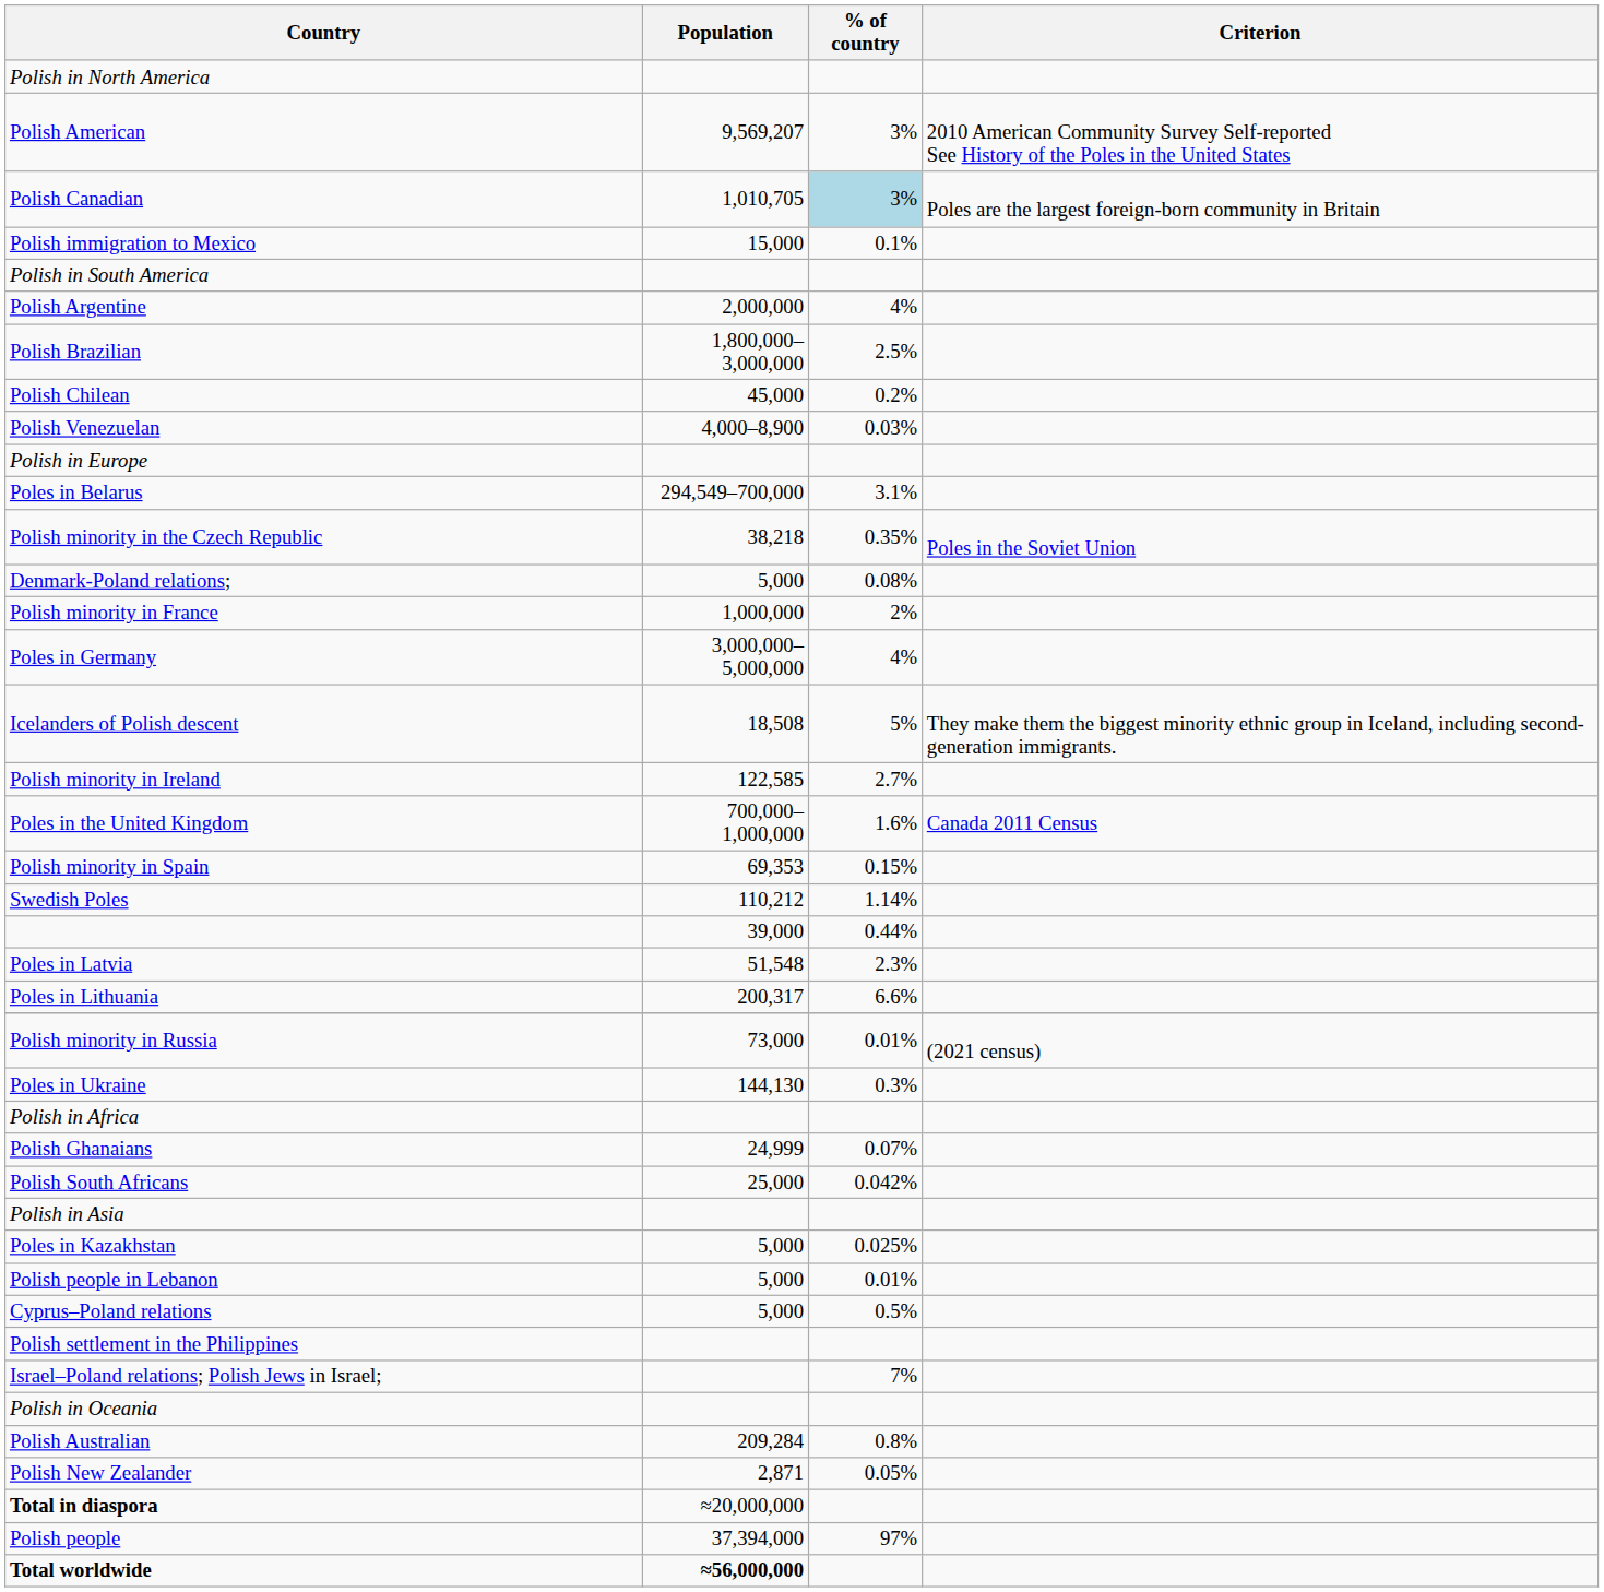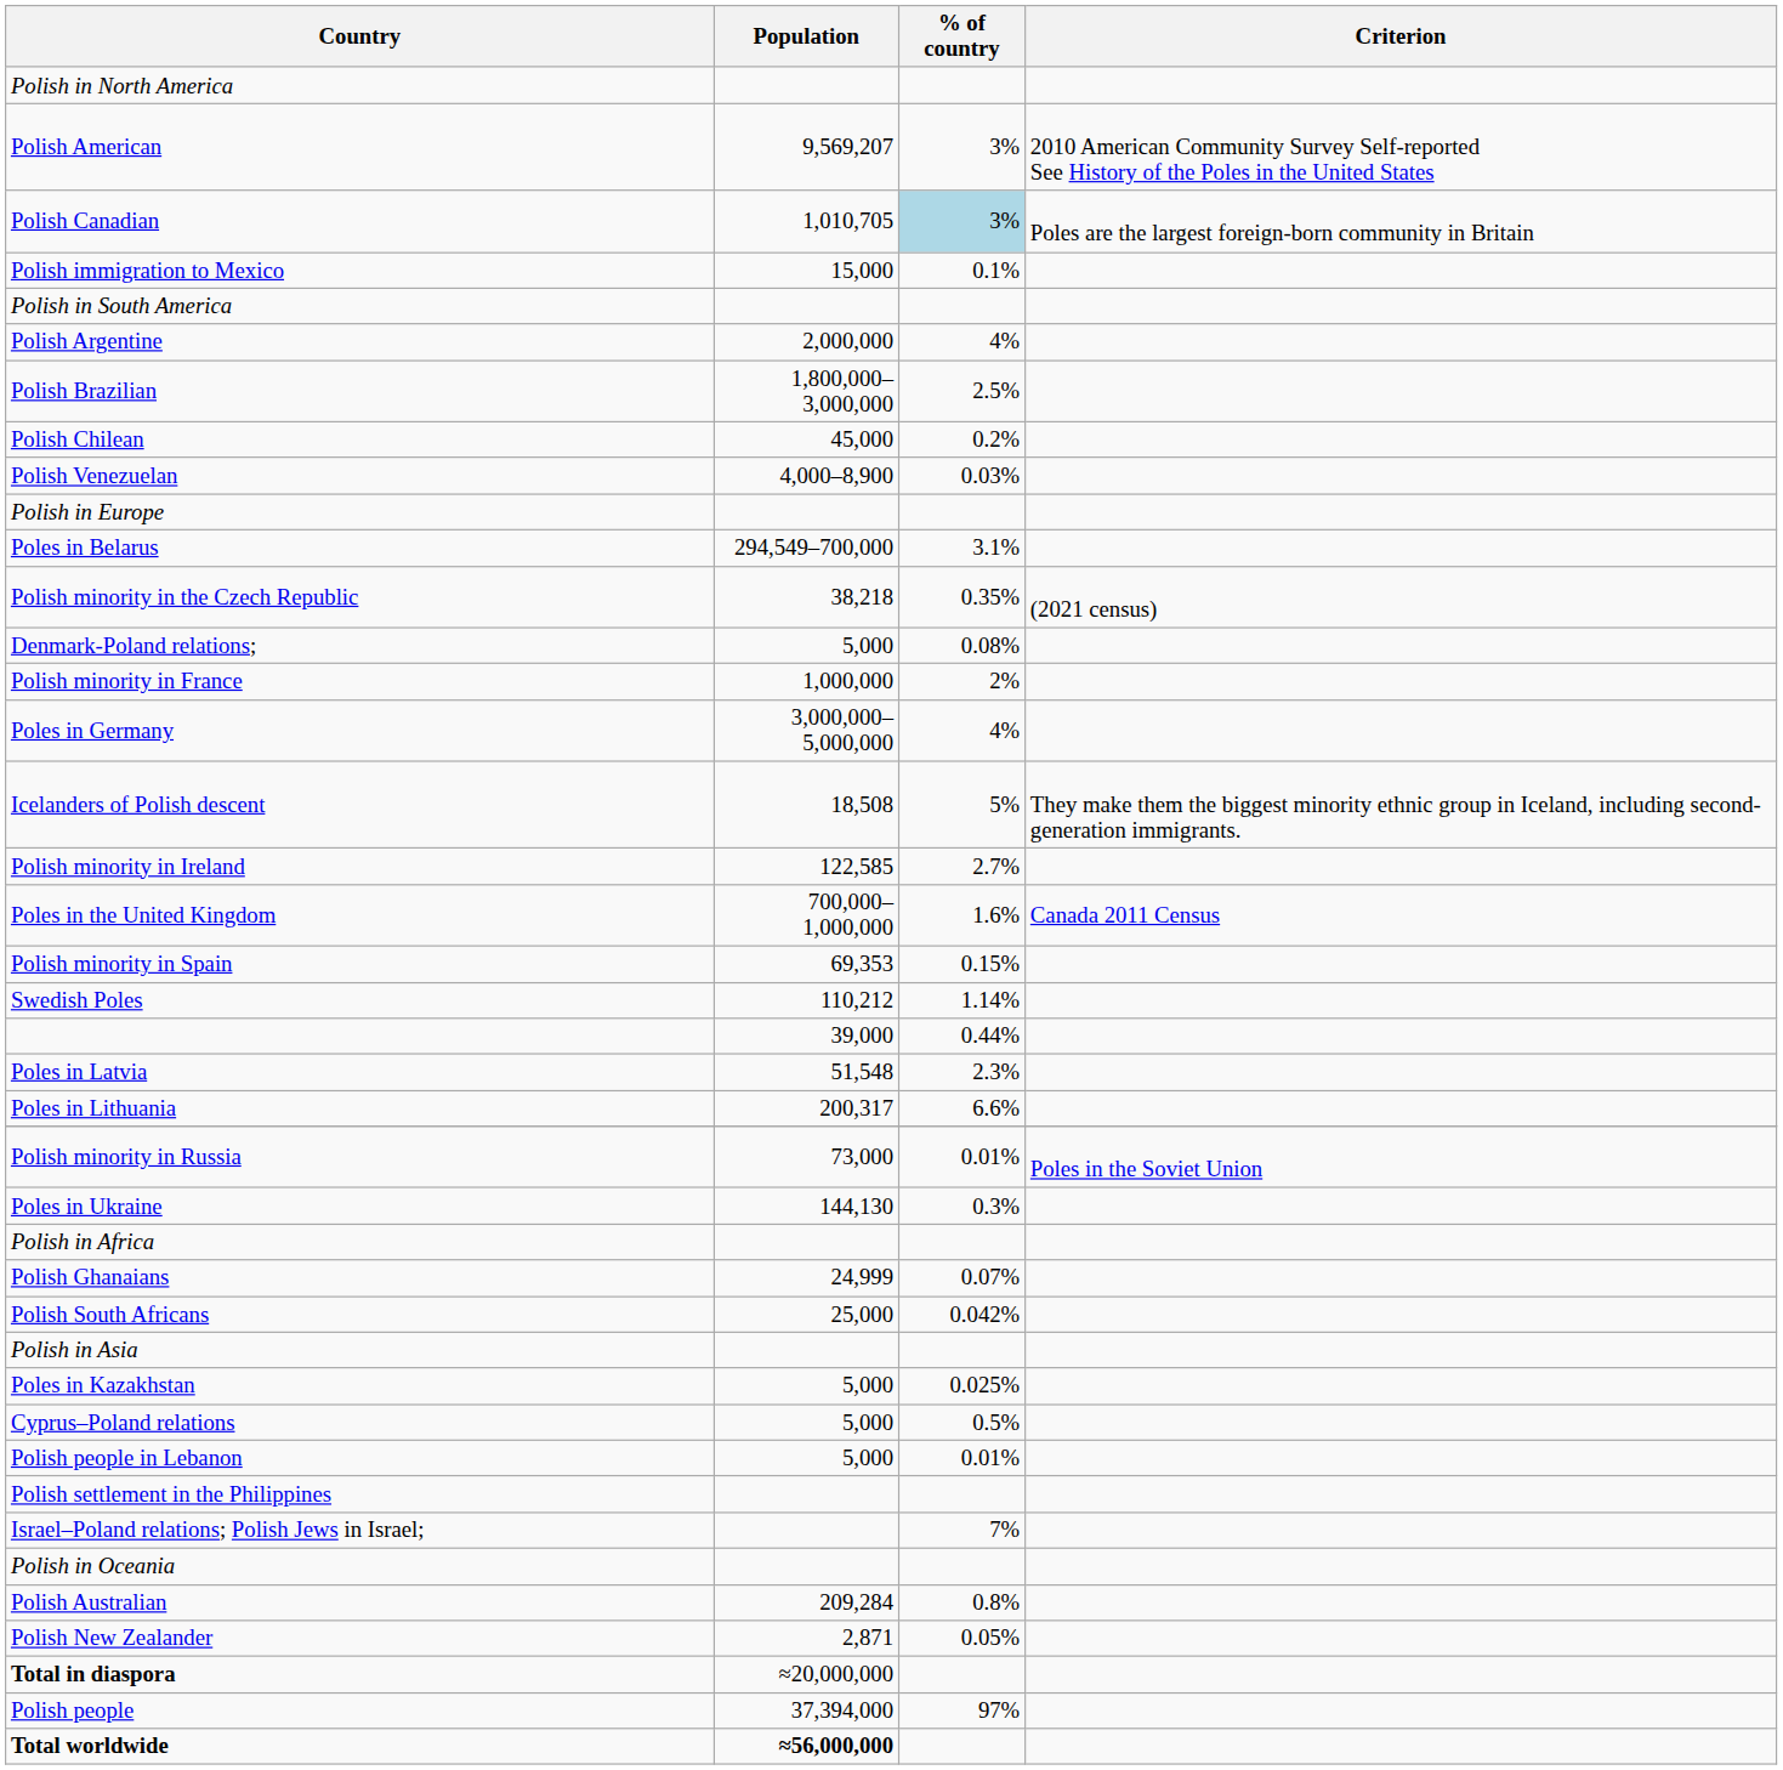 <table class="wikitable sortable">
 <tr>
 <th style=width:40%>Country</th>
 <th>Population</th>
 <th>% of country</th>
 <th>Criterion</th>
 </tr>
 <tr>
 <td><em>Polish in North America</em></td>
 <td></td>
 <td></td>
 <td></td>
 </tr>
 <tr>
 <td> <a href='#'>Polish American</a></td>
 <td align="right">9,569,207</td>
 <td align="right">3%</td>
 <td><br>2010 American Community Survey Self-reported<br>See <a href='#'>History of the Poles in the United States</a></td>
 </tr>
 <tr>
 <td> <a href='#'>Polish Canadian</a></td>
 <td align="right">1,010,705</td>
 <td align="right" style="background: lightblue;">3%</td>
 <td><br>Poles are the largest foreign-born community in Britain  </td>
 </tr>
 <tr>
 <td> <a href='#'>Polish immigration to Mexico</a></td>
 <td align="right">15,000</td>
 <td align="right">0.1%</td>
 <td><br></td>
 </tr>
 <tr>
 <td><em>Polish in South America</em></td>
 <td></td>
 <td></td>
 <td></td>
 </tr>
 <tr>
 <td> <a href='#'>Polish Argentine</a></td>
 <td align="right">2,000,000</td>
 <td align="right">4%</td>
 <td><br></td>
 </tr>
 <tr>
 <td> <a href='#'>Polish Brazilian</a></td>
 <td align="right">1,800,000–3,000,000</td>
 <td align="right">2.5%</td>
 <td><br></td>
 </tr>
 <tr>
 <td> <a href='#'>Polish Chilean</a></td>
 <td align="right">45,000</td>
 <td align="right">0.2%</td>
 <td><br> </td>
 </tr>
 <tr>
 <td> <a href='#'>Polish Venezuelan</a></td>
 <td align="right">4,000–8,900</td>
 <td align="right">0.03%</td>
 <td><br></td>
 </tr>
 <tr>
 <td><em>Polish in Europe</em></td>
 <td></td>
 <td></td>
 <td></td>
 </tr>
 <tr>
 <td> <a href='#'>Poles in Belarus</a></td>
 <td align="right">294,549–700,000</td>
 <td align="right">3.1%</td>
 <td><br></td>
 </tr>
 <tr>
 <td> <a href='#'>Polish minority in the Czech Republic</a></td>
 <td align="right">38,218</td>
 <td align="right">0.35%</td>
-<td><br> <a href='#'>Poles in the Soviet Union</a></td>
+<td><br>(2021 census)</td>
 </tr>
 <tr>
 <td> <a href='#'>Denmark-Poland relations</a>; </td>
 <td align="right">5,000</td>
 <td align="right">0.08%</td>
 <td></td>
 </tr>
 <tr>
 <td> <a href='#'>Polish minority in France</a></td>
 <td align="right">1,000,000</td>
 <td align="right">2%</td>
 <td><br></td>
 </tr>
 <tr>
 <td> <a href='#'>Poles in Germany</a></td>
 <td align="right">3,000,000–5,000,000</td>
 <td align="right">4%</td>
 <td><br></td>
 </tr>
 <tr>
 <td> <a href='#'>Icelanders of Polish descent</a></td>
 <td align="right">18,508</td>
 <td align="right">5%</td>
 <td><br>They make them the biggest minority ethnic group in Iceland, including second-generation immigrants.</td>
 </tr>
 <tr>
 <td> <a href='#'>Polish minority in Ireland</a></td>
 <td align="right">122,585</td>
 <td align="right">2.7%</td>
 <td><br></td>
 </tr>
 <tr>
 <td> <a href='#'>Poles in the United Kingdom</a></td>
 <td align="right">700,000–1,000,000</td>
 <td align="right">1.6%</td>
 <td><a href='#'>Canada 2011 Census</a><br></td>
 </tr>
 <tr>
 <td> <a href='#'>Polish minority in Spain</a></td>
 <td align="right">69,353</td>
 <td align="right">0.15%</td>
 <td><br></td>
 </tr>
 <tr>
 <td> <a href='#'>Swedish Poles</a></td>
 <td align="right">110,212</td>
 <td align="right">1.14%</td>
 <td><br></td>
 </tr>
 <tr>
 <td> </td>
 <td align="right">39,000</td>
 <td align="right">0.44%</td>
 <td><br></td>
 </tr>
 <tr>
 <td> <a href='#'>Poles in Latvia</a></td>
 <td align="right">51,548</td>
 <td align="right">2.3%</td>
 <td><br></td>
 </tr>
 <tr>
 <td> <a href='#'>Poles in Lithuania</a></td>
 <td align="right">200,317</td>
 <td align="right">6.6%</td>
 <td><br></td>
 </tr>
 <tr>
 </tr>
 <tr>
 <td> <a href='#'>Polish minority in Russia</a></td>
 <td align="right">73,000</td>
 <td align="right">0.01%</td>
-<td><br>(2021 census)</td>
+<td><br> <a href='#'>Poles in the Soviet Union</a></td>
 </tr>
 <tr>
 <td> <a href='#'>Poles in Ukraine</a></td>
 <td align="right">144,130</td>
 <td align="right">0.3%</td>
 <td><br></td>
 </tr>
 <tr>
 <td><em>Polish in Africa</em></td>
 <td></td>
 <td></td>
 <td></td>
 </tr>
 <tr>
 <td> <a href='#'>Polish Ghanaians</a></td>
 <td align="right">24,999</td>
 <td align="right">0.07%</td>
 <td></td>
 </tr>
 <tr>
 <td> <a href='#'>Polish South Africans</a></td>
 <td align="right">25,000</td>
 <td align="right">0.042%</td>
 <td></td>
 </tr>
 <tr>
 <td><em>Polish in Asia</em></td>
 <td></td>
 <td></td>
 <td></td>
 </tr>
 <tr>
 <td> <a href='#'>Poles in Kazakhstan</a></td>
 <td align="right">5,000</td>
 <td align="right">0.025%</td>
 <td><br></td>
 </tr>
 <tr>
+<td> <a href='#'>Cyprus–Poland relations</a></td>
+<td align="right">5,000</td>
+<td align="right">0.5%</td>
+<td><br></td>
+</tr>
+<tr>
 <td> <a href='#'>Polish people in Lebanon</a></td>
 <td align="right">5,000</td>
 <td align="right">0.01%</td>
-<td><br></td>
-</tr>
-<tr>
-<td> <a href='#'>Cyprus–Poland relations</a></td>
-<td align="right">5,000</td>
-<td align="right">0.5%</td>
 <td><br></td>
 </tr>
 <tr>
 <td> <a href='#'>Polish settlement in the Philippines</a></td>
 <td align="right"></td>
 <td align="right"></td>
 <td></td>
 </tr>
 <tr>
 <td> <a href='#'>Israel–Poland relations</a>; <a href='#'>Polish Jews</a> in Israel;</td>
 <td align="right"></td>
 <td align="right">7%</td>
 <td><br></td>
 </tr>
 <tr>
 <td><em>Polish in Oceania</em></td>
 <td></td>
 <td></td>
 <td></td>
 </tr>
 <tr>
 <td> <a href='#'>Polish Australian</a></td>
 <td align="right">209,284</td>
 <td align="right">0.8%</td>
 <td><br></td>
 </tr>
 <tr>
 <td> <a href='#'>Polish New Zealander</a></td>
 <td align="right">2,871</td>
 <td align="right">0.05%</td>
 <td><br></td>
 </tr>
 <tr>
 <td><strong>Total in diaspora</strong></td>
 <td align="right">≈20,000,000</td>
 <td></td>
 <td></td>
 </tr>
 <tr>
 <td> <a href='#'>Polish people</a></td>
 <td align="right">37,394,000</td>
 <td align="right">97%</td>
 <td><br></td>
 </tr>
 <tr>
 <td><strong>Total worldwide</strong></td>
 <td align="right"><strong>≈56,000,000</strong></td>
 <td></td>
 <td></td>
 </tr>
 </table>
